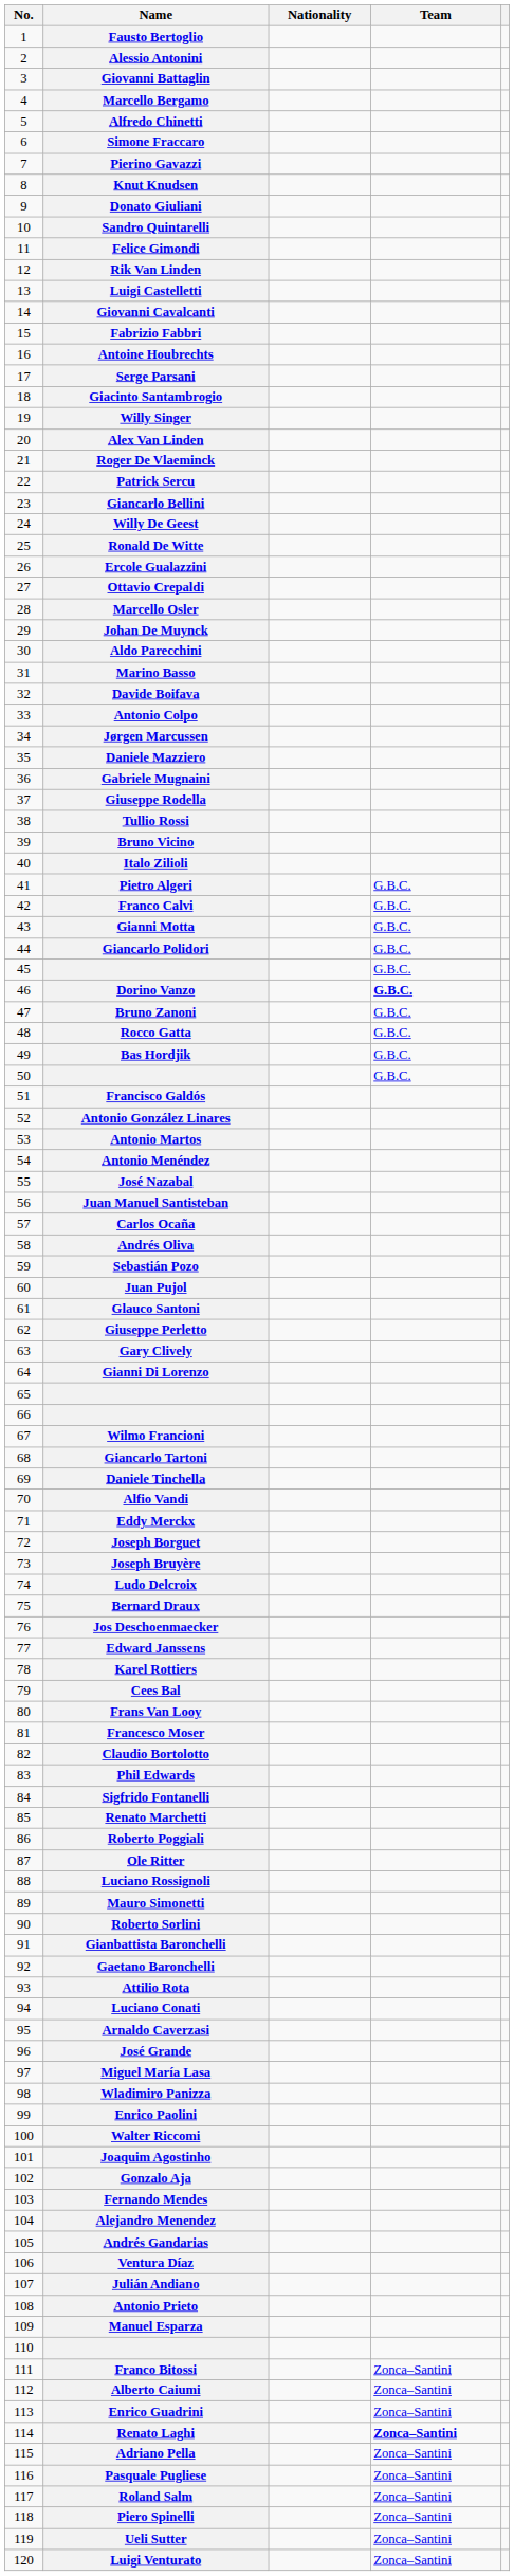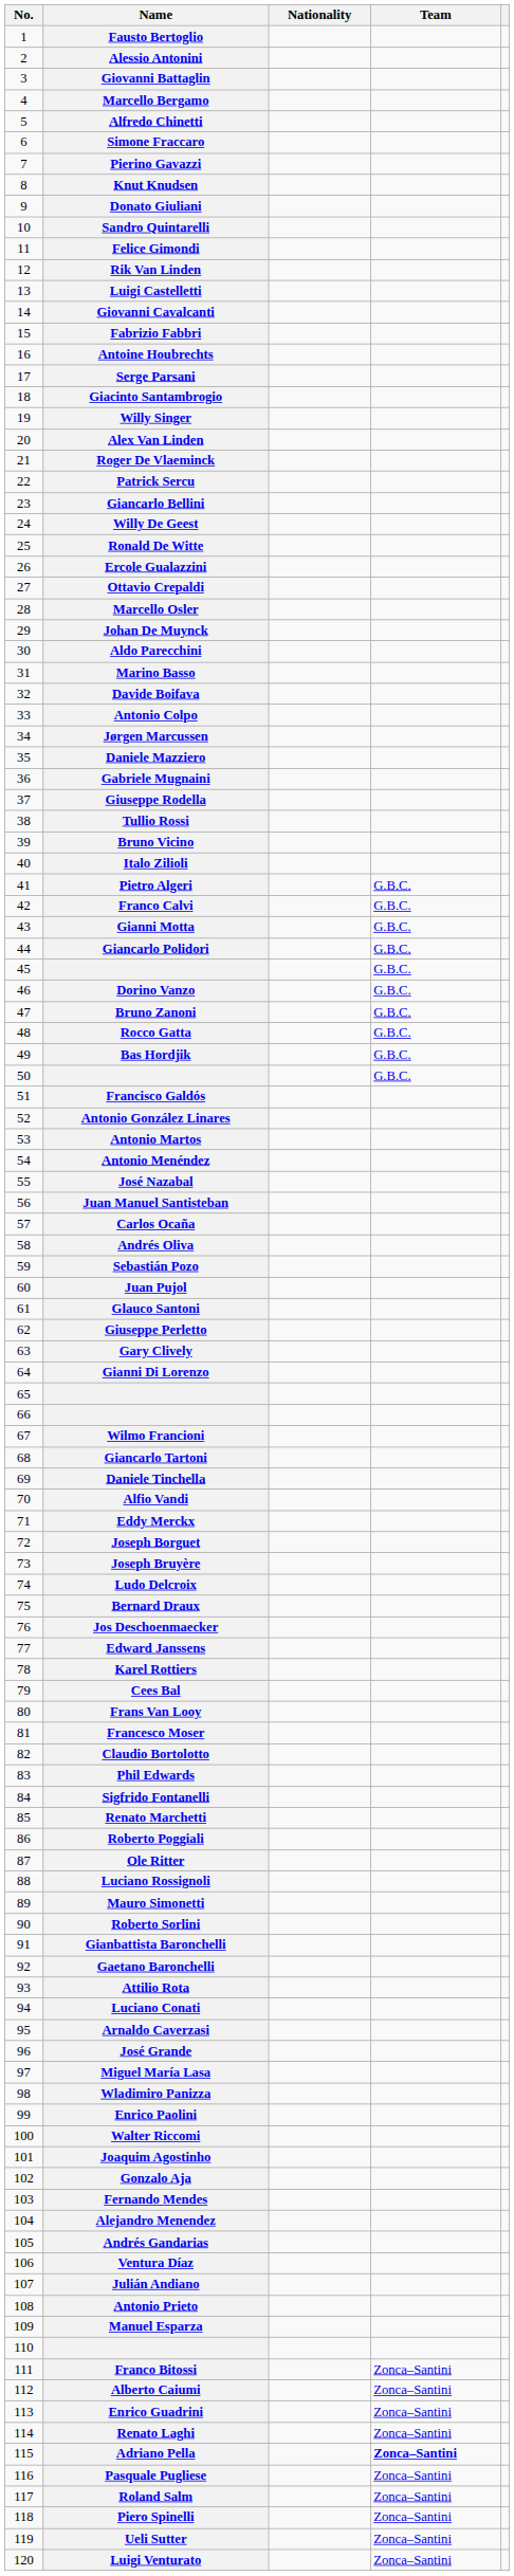 <table class="wikitable plainrowheaders sortable" style="width:97%">
 <tr>
 <th scope="col">No.</th>
 <th scope="col">Name</th>
 <th scope="col">Nationality</th>
 <th scope="col">Team</th>
 <th scope="col" class="unsortable"></th>
 </tr>
 <tr>
 <td style="text-align:center;">1</td>
 <th scope="row"><a href='#'>Fausto Bertoglio</a></th>
 <td></td>
 <td></td>
 <td style="text-align:center;"></td>
 </tr>
 <tr>
 <td style="text-align:center;">2</td>
 <th scope="row"><a href='#'>Alessio Antonini</a></th>
 <td></td>
 <td></td>
 <td style="text-align:center;"></td>
 </tr>
 <tr>
 <td style="text-align:center;">3</td>
 <th scope="row"><a href='#'>Giovanni Battaglin</a></th>
 <td></td>
 <td></td>
 <td style="text-align:center;"></td>
 </tr>
 <tr>
 <td style="text-align:center;">4</td>
 <th scope="row"><a href='#'>Marcello Bergamo</a></th>
 <td></td>
 <td></td>
 <td style="text-align:center;"></td>
 </tr>
 <tr>
 <td style="text-align:center;">5</td>
 <th scope="row"><a href='#'>Alfredo Chinetti</a></th>
 <td></td>
 <td></td>
 <td style="text-align:center;"></td>
 </tr>
 <tr>
 <td style="text-align:center;">6</td>
 <th scope="row"><a href='#'>Simone Fraccaro</a></th>
 <td></td>
 <td></td>
 <td style="text-align:center;"></td>
 </tr>
 <tr>
 <td style="text-align:center;">7</td>
 <th scope="row"><a href='#'>Pierino Gavazzi</a></th>
 <td></td>
 <td></td>
 <td style="text-align:center;"></td>
 </tr>
 <tr>
 <td style="text-align:center;">8</td>
 <th scope="row"><a href='#'>Knut Knudsen</a></th>
 <td></td>
 <td></td>
 <td style="text-align:center;"></td>
 </tr>
 <tr>
 <td style="text-align:center;">9</td>
 <th scope="row"><a href='#'>Donato Giuliani</a></th>
 <td></td>
 <td></td>
 <td style="text-align:center;"></td>
 </tr>
 <tr>
 <td style="text-align:center;">10</td>
 <th scope="row"><a href='#'>Sandro Quintarelli</a></th>
 <td></td>
 <td></td>
 <td style="text-align:center;"></td>
 </tr>
 <tr>
 <td style="text-align:center;">11</td>
 <th scope="row"><a href='#'>Felice Gimondi</a></th>
 <td></td>
 <td></td>
 <td style="text-align:center;"></td>
 </tr>
 <tr>
 <td style="text-align:center;">12</td>
 <th scope="row"><a href='#'>Rik Van Linden</a></th>
 <td></td>
 <td></td>
 <td style="text-align:center;"></td>
 </tr>
 <tr>
 <td style="text-align:center;">13</td>
 <th scope="row"><a href='#'>Luigi Castelletti</a></th>
 <td></td>
 <td></td>
 <td style="text-align:center;"></td>
 </tr>
 <tr>
 <td style="text-align:center;">14</td>
 <th scope="row"><a href='#'>Giovanni Cavalcanti</a></th>
 <td></td>
 <td></td>
 <td style="text-align:center;"></td>
 </tr>
 <tr>
 <td style="text-align:center;">15</td>
 <th scope="row"><a href='#'>Fabrizio Fabbri</a></th>
 <td></td>
 <td></td>
 <td style="text-align:center;"></td>
 </tr>
 <tr>
 <td style="text-align:center;">16</td>
 <th scope="row"><a href='#'>Antoine Houbrechts</a></th>
 <td></td>
 <td></td>
 <td style="text-align:center;"></td>
 </tr>
 <tr>
 <td style="text-align:center;">17</td>
 <th scope="row"><a href='#'>Serge Parsani</a></th>
 <td></td>
 <td></td>
 <td style="text-align:center;"></td>
 </tr>
 <tr>
 <td style="text-align:center;">18</td>
 <th scope="row"><a href='#'>Giacinto Santambrogio</a></th>
 <td></td>
 <td></td>
 <td style="text-align:center;"></td>
 </tr>
 <tr>
 <td style="text-align:center;">19</td>
 <th scope="row"><a href='#'>Willy Singer</a></th>
 <td></td>
 <td></td>
 <td style="text-align:center;"></td>
 </tr>
 <tr>
 <td style="text-align:center;">20</td>
 <th scope="row"><a href='#'>Alex Van Linden</a></th>
 <td></td>
 <td></td>
 <td style="text-align:center;"></td>
 </tr>
 <tr>
 <td style="text-align:center;">21</td>
 <th scope="row"><a href='#'>Roger De Vlaeminck</a></th>
 <td></td>
 <td></td>
 <td style="text-align:center;"></td>
 </tr>
 <tr>
 <td style="text-align:center;">22</td>
 <th scope="row"><a href='#'>Patrick Sercu</a></th>
 <td></td>
 <td></td>
 <td style="text-align:center;"></td>
 </tr>
 <tr>
 <td style="text-align:center;">23</td>
 <th scope="row"><a href='#'>Giancarlo Bellini</a></th>
 <td></td>
 <td></td>
 <td style="text-align:center;"></td>
 </tr>
 <tr>
 <td style="text-align:center;">24</td>
 <th scope="row"><a href='#'>Willy De Geest</a></th>
 <td></td>
 <td></td>
 <td style="text-align:center;"></td>
 </tr>
 <tr>
 <td style="text-align:center;">25</td>
 <th scope="row"><a href='#'>Ronald De Witte</a></th>
 <td></td>
 <td></td>
 <td style="text-align:center;"></td>
 </tr>
 <tr>
 <td style="text-align:center;">26</td>
 <th scope="row"><a href='#'>Ercole Gualazzini</a></th>
 <td></td>
 <td></td>
 <td style="text-align:center;"></td>
 </tr>
 <tr>
 <td style="text-align:center;">27</td>
 <th scope="row"><a href='#'>Ottavio Crepaldi</a></th>
 <td></td>
 <td></td>
 <td style="text-align:center;"></td>
 </tr>
 <tr>
 <td style="text-align:center;">28</td>
 <th scope="row"><a href='#'>Marcello Osler</a></th>
 <td></td>
 <td></td>
 <td style="text-align:center;"></td>
 </tr>
 <tr>
 <td style="text-align:center;">29</td>
 <th scope="row"><a href='#'>Johan De Muynck</a></th>
 <td></td>
 <td></td>
 <td style="text-align:center;"></td>
 </tr>
 <tr>
 <td style="text-align:center;">30</td>
 <th scope="row"><a href='#'>Aldo Parecchini</a></th>
 <td></td>
 <td></td>
 <td style="text-align:center;"></td>
 </tr>
 <tr>
 <td style="text-align:center;">31</td>
 <th scope="row"><a href='#'>Marino Basso</a></th>
 <td></td>
 <td></td>
 <td style="text-align:center;"></td>
 </tr>
 <tr>
 <td style="text-align:center;">32</td>
 <th scope="row"><a href='#'>Davide Boifava</a></th>
 <td></td>
 <td></td>
 <td style="text-align:center;"></td>
 </tr>
 <tr>
 <td style="text-align:center;">33</td>
 <th scope="row"><a href='#'>Antonio Colpo</a></th>
 <td></td>
 <td></td>
 <td style="text-align:center;"></td>
 </tr>
 <tr>
 <td style="text-align:center;">34</td>
 <th scope="row"><a href='#'>Jørgen Marcussen</a></th>
 <td></td>
 <td></td>
 <td style="text-align:center;"></td>
 </tr>
 <tr>
 <td style="text-align:center;">35</td>
 <th scope="row"><a href='#'>Daniele Mazziero</a></th>
 <td></td>
 <td></td>
 <td style="text-align:center;"></td>
 </tr>
 <tr>
 <td style="text-align:center;">36</td>
 <th scope="row"><a href='#'>Gabriele Mugnaini</a></th>
 <td></td>
 <td></td>
 <td style="text-align:center;"></td>
 </tr>
 <tr>
 <td style="text-align:center;">37</td>
 <th scope="row"><a href='#'>Giuseppe Rodella</a></th>
 <td></td>
 <td></td>
 <td style="text-align:center;"></td>
 </tr>
 <tr>
 <td style="text-align:center;">38</td>
 <th scope="row"><a href='#'>Tullio Rossi</a></th>
 <td></td>
 <td></td>
 <td style="text-align:center;"></td>
 </tr>
 <tr>
 <td style="text-align:center;">39</td>
 <th scope="row"><a href='#'>Bruno Vicino</a></th>
 <td></td>
 <td></td>
 <td style="text-align:center;"></td>
 </tr>
 <tr>
 <td style="text-align:center;">40</td>
 <th scope="row"><a href='#'>Italo Zilioli</a></th>
 <td></td>
 <td></td>
 <td style="text-align:center;"></td>
 </tr>
 <tr>
 <td style="text-align:center;">41</td>
 <th scope="row"><a href='#'>Pietro Algeri</a></th>
 <td></td>
 <td><a href='#'>G.B.C.</a></td>
 <td style="text-align:center;"></td>
 </tr>
 <tr>
 <td style="text-align:center;">42</td>
 <th scope="row"><a href='#'>Franco Calvi</a></th>
 <td></td>
 <td><a href='#'>G.B.C.</a></td>
 <td style="text-align:center;"></td>
 </tr>
 <tr>
 <td style="text-align:center;">43</td>
 <th scope="row"><a href='#'>Gianni Motta</a></th>
 <td></td>
 <td><a href='#'>G.B.C.</a></td>
 <td style="text-align:center;"></td>
 </tr>
 <tr>
 <td style="text-align:center;">44</td>
 <th scope="row"><a href='#'>Giancarlo Polidori</a></th>
 <td></td>
 <td><a href='#'>G.B.C.</a></td>
 <td style="text-align:center;"></td>
 </tr>
 <tr>
 <td style="text-align:center;">45</td>
 <th scope="row"></th>
 <td></td>
 <td><a href='#'>G.B.C.</a></td>
 <td style="text-align:center;"></td>
 </tr>
 <tr>
 <td style="text-align:center;">46</td>
 <th scope="row"><a href='#'>Dorino Vanzo</a></th>
 <td></td>
-<td><strong><a href='#'>G.B.C.</a></strong></td>
+<td><a href='#'>G.B.C.</a></td>
 <td style="text-align:center;"></td>
 </tr>
 <tr>
 <td style="text-align:center;">47</td>
 <th scope="row"><a href='#'>Bruno Zanoni</a></th>
 <td></td>
 <td><a href='#'>G.B.C.</a></td>
 <td style="text-align:center;"></td>
 </tr>
 <tr>
 <td style="text-align:center;">48</td>
 <th scope="row"><a href='#'>Rocco Gatta</a></th>
 <td></td>
 <td><a href='#'>G.B.C.</a></td>
 <td style="text-align:center;"></td>
 </tr>
 <tr>
 <td style="text-align:center;">49</td>
 <th scope="row"><a href='#'>Bas Hordjik</a></th>
 <td></td>
 <td><a href='#'>G.B.C.</a></td>
 <td style="text-align:center;"></td>
 </tr>
 <tr>
 <td style="text-align:center;">50</td>
 <th scope="row"></th>
 <td></td>
 <td><a href='#'>G.B.C.</a></td>
 <td style="text-align:center;"></td>
 </tr>
 <tr>
 <td style="text-align:center;">51</td>
 <th scope="row"><a href='#'>Francisco Galdós</a></th>
 <td></td>
 <td></td>
 <td style="text-align:center;"></td>
 </tr>
 <tr>
 <td style="text-align:center;">52</td>
 <th scope="row"><a href='#'>Antonio González Linares</a></th>
 <td></td>
 <td></td>
 <td style="text-align:center;"></td>
 </tr>
 <tr>
 <td style="text-align:center;">53</td>
 <th scope="row"><a href='#'>Antonio Martos</a></th>
 <td></td>
 <td></td>
 <td style="text-align:center;"></td>
 </tr>
 <tr>
 <td style="text-align:center;">54</td>
 <th scope="row"><a href='#'>Antonio Menéndez</a></th>
 <td></td>
 <td></td>
 <td style="text-align:center;"></td>
 </tr>
 <tr>
 <td style="text-align:center;">55</td>
 <th scope="row"><a href='#'>José Nazabal</a></th>
 <td></td>
 <td></td>
 <td style="text-align:center;"></td>
 </tr>
 <tr>
 <td style="text-align:center;">56</td>
 <th scope="row"><a href='#'>Juan Manuel Santisteban</a></th>
 <td></td>
 <td></td>
 <td style="text-align:center;"></td>
 </tr>
 <tr>
 <td style="text-align:center;">57</td>
 <th scope="row"><a href='#'>Carlos Ocaña</a></th>
 <td></td>
 <td></td>
 <td style="text-align:center;"></td>
 </tr>
 <tr>
 <td style="text-align:center;">58</td>
 <th scope="row"><a href='#'>Andrés Oliva</a></th>
 <td></td>
 <td></td>
 <td style="text-align:center;"></td>
 </tr>
 <tr>
 <td style="text-align:center;">59</td>
 <th scope="row"><a href='#'>Sebastián Pozo</a></th>
 <td></td>
 <td></td>
 <td style="text-align:center;"></td>
 </tr>
 <tr>
 <td style="text-align:center;">60</td>
 <th scope="row"><a href='#'>Juan Pujol</a></th>
 <td></td>
 <td></td>
 <td style="text-align:center;"></td>
 </tr>
 <tr>
 <td style="text-align:center;">61</td>
 <th scope="row"><a href='#'>Glauco Santoni</a></th>
 <td></td>
 <td></td>
 <td style="text-align:center;"></td>
 </tr>
 <tr>
 <td style="text-align:center;">62</td>
 <th scope="row"><a href='#'>Giuseppe Perletto</a></th>
 <td></td>
 <td></td>
 <td style="text-align:center;"></td>
 </tr>
 <tr>
 <td style="text-align:center;">63</td>
 <th scope="row"><a href='#'>Gary Clively</a></th>
 <td></td>
 <td></td>
 <td style="text-align:center;"></td>
 </tr>
 <tr>
 <td style="text-align:center;">64</td>
 <th scope="row"><a href='#'>Gianni Di Lorenzo</a></th>
 <td></td>
 <td></td>
 <td style="text-align:center;"></td>
 </tr>
 <tr>
 <td style="text-align:center;">65</td>
 <th scope="row"></th>
 <td></td>
 <td></td>
 <td style="text-align:center;"></td>
 </tr>
 <tr>
 <td style="text-align:center;">66</td>
 <th scope="row"></th>
 <td></td>
 <td></td>
 <td style="text-align:center;"></td>
 </tr>
 <tr>
 <td style="text-align:center;">67</td>
 <th scope="row"><a href='#'>Wilmo Francioni</a></th>
 <td></td>
 <td></td>
 <td style="text-align:center;"></td>
 </tr>
 <tr>
 <td style="text-align:center;">68</td>
 <th scope="row"><a href='#'>Giancarlo Tartoni</a></th>
 <td></td>
 <td></td>
 <td style="text-align:center;"></td>
 </tr>
 <tr>
 <td style="text-align:center;">69</td>
 <th scope="row"><a href='#'>Daniele Tinchella</a></th>
 <td></td>
 <td></td>
 <td style="text-align:center;"></td>
 </tr>
 <tr>
 <td style="text-align:center;">70</td>
 <th scope="row"><a href='#'>Alfio Vandi</a></th>
 <td></td>
 <td></td>
 <td style="text-align:center;"></td>
 </tr>
 <tr>
 <td style="text-align:center;">71</td>
 <th scope="row"><a href='#'>Eddy Merckx</a></th>
 <td></td>
 <td></td>
 <td style="text-align:center;"></td>
 </tr>
 <tr>
 <td style="text-align:center;">72</td>
 <th scope="row"><a href='#'>Joseph Borguet</a></th>
 <td></td>
 <td></td>
 <td style="text-align:center;"></td>
 </tr>
 <tr>
 <td style="text-align:center;">73</td>
 <th scope="row"><a href='#'>Joseph Bruyère</a></th>
 <td></td>
 <td></td>
 <td style="text-align:center;"></td>
 </tr>
 <tr>
 <td style="text-align:center;">74</td>
 <th scope="row"><a href='#'>Ludo Delcroix</a></th>
 <td></td>
 <td></td>
 <td style="text-align:center;"></td>
 </tr>
 <tr>
 <td style="text-align:center;">75</td>
 <th scope="row"><a href='#'>Bernard Draux</a></th>
 <td></td>
 <td></td>
 <td style="text-align:center;"></td>
 </tr>
 <tr>
 <td style="text-align:center;">76</td>
 <th scope="row"><a href='#'>Jos Deschoenmaecker</a></th>
 <td></td>
 <td></td>
 <td style="text-align:center;"></td>
 </tr>
 <tr>
 <td style="text-align:center;">77</td>
 <th scope="row"><a href='#'>Edward Janssens</a></th>
 <td></td>
 <td></td>
 <td style="text-align:center;"></td>
 </tr>
 <tr>
 <td style="text-align:center;">78</td>
 <th scope="row"><a href='#'>Karel Rottiers</a></th>
 <td></td>
 <td></td>
 <td style="text-align:center;"></td>
 </tr>
 <tr>
 <td style="text-align:center;">79</td>
 <th scope="row"><a href='#'>Cees Bal</a></th>
 <td></td>
 <td></td>
 <td style="text-align:center;"></td>
 </tr>
 <tr>
 <td style="text-align:center;">80</td>
 <th scope="row"><a href='#'>Frans Van Looy</a></th>
 <td></td>
 <td></td>
 <td style="text-align:center;"></td>
 </tr>
 <tr>
 <td style="text-align:center;">81</td>
 <th scope="row"><a href='#'>Francesco Moser</a></th>
 <td></td>
 <td></td>
 <td style="text-align:center;"></td>
 </tr>
 <tr>
 <td style="text-align:center;">82</td>
 <th scope="row"><a href='#'>Claudio Bortolotto</a></th>
 <td></td>
 <td></td>
 <td style="text-align:center;"></td>
 </tr>
 <tr>
 <td style="text-align:center;">83</td>
 <th scope="row"><a href='#'>Phil Edwards</a></th>
 <td></td>
 <td></td>
 <td style="text-align:center;"></td>
 </tr>
 <tr>
 <td style="text-align:center;">84</td>
 <th scope="row"><a href='#'>Sigfrido Fontanelli</a></th>
 <td></td>
 <td></td>
 <td style="text-align:center;"></td>
 </tr>
 <tr>
 <td style="text-align:center;">85</td>
 <th scope="row"><a href='#'>Renato Marchetti</a></th>
 <td></td>
 <td></td>
 <td style="text-align:center;"></td>
 </tr>
 <tr>
 <td style="text-align:center;">86</td>
 <th scope="row"><a href='#'>Roberto Poggiali</a></th>
 <td></td>
 <td></td>
 <td style="text-align:center;"></td>
 </tr>
 <tr>
 <td style="text-align:center;">87</td>
 <th scope="row"><a href='#'>Ole Ritter</a></th>
 <td></td>
 <td></td>
 <td style="text-align:center;"></td>
 </tr>
 <tr>
 <td style="text-align:center;">88</td>
 <th scope="row"><a href='#'>Luciano Rossignoli</a></th>
 <td></td>
 <td></td>
 <td style="text-align:center;"></td>
 </tr>
 <tr>
 <td style="text-align:center;">89</td>
 <th scope="row"><a href='#'>Mauro Simonetti</a></th>
 <td></td>
 <td></td>
 <td style="text-align:center;"></td>
 </tr>
 <tr>
 <td style="text-align:center;">90</td>
 <th scope="row"><a href='#'>Roberto Sorlini</a></th>
 <td></td>
 <td></td>
 <td style="text-align:center;"></td>
 </tr>
 <tr>
 <td style="text-align:center;">91</td>
 <th scope="row"><a href='#'>Gianbattista Baronchelli</a></th>
 <td></td>
 <td></td>
 <td style="text-align:center;"></td>
 </tr>
 <tr>
 <td style="text-align:center;">92</td>
 <th scope="row"><a href='#'>Gaetano Baronchelli</a></th>
 <td></td>
 <td></td>
 <td style="text-align:center;"></td>
 </tr>
 <tr>
 <td style="text-align:center;">93</td>
 <th scope="row"><a href='#'>Attilio Rota</a></th>
 <td></td>
 <td></td>
 <td style="text-align:center;"></td>
 </tr>
 <tr>
 <td style="text-align:center;">94</td>
 <th scope="row"><a href='#'>Luciano Conati</a></th>
 <td></td>
 <td></td>
 <td style="text-align:center;"></td>
 </tr>
 <tr>
 <td style="text-align:center;">95</td>
 <th scope="row"><a href='#'>Arnaldo Caverzasi</a></th>
 <td></td>
 <td></td>
 <td style="text-align:center;"></td>
 </tr>
 <tr>
 <td style="text-align:center;">96</td>
 <th scope="row"><a href='#'>José Grande</a></th>
 <td></td>
 <td></td>
 <td style="text-align:center;"></td>
 </tr>
 <tr>
 <td style="text-align:center;">97</td>
 <th scope="row"><a href='#'>Miguel María Lasa</a></th>
 <td></td>
 <td></td>
 <td style="text-align:center;"></td>
 </tr>
 <tr>
 <td style="text-align:center;">98</td>
 <th scope="row"><a href='#'>Wladimiro Panizza</a></th>
 <td></td>
 <td></td>
 <td style="text-align:center;"></td>
 </tr>
 <tr>
 <td style="text-align:center;">99</td>
 <th scope="row"><a href='#'>Enrico Paolini</a></th>
 <td></td>
 <td></td>
 <td style="text-align:center;"></td>
 </tr>
 <tr>
 <td style="text-align:center;">100</td>
 <th scope="row"><a href='#'>Walter Riccomi</a></th>
 <td></td>
 <td></td>
 <td style="text-align:center;"></td>
 </tr>
 <tr>
 <td style="text-align:center;">101</td>
 <th scope="row"><a href='#'>Joaquim Agostinho</a></th>
 <td></td>
 <td></td>
 <td style="text-align:center;"></td>
 </tr>
 <tr>
 <td style="text-align:center;">102</td>
 <th scope="row"><a href='#'>Gonzalo Aja</a></th>
 <td></td>
 <td></td>
 <td style="text-align:center;"></td>
 </tr>
 <tr>
 <td style="text-align:center;">103</td>
 <th scope="row"><a href='#'>Fernando Mendes</a></th>
 <td></td>
 <td></td>
 <td style="text-align:center;"></td>
 </tr>
 <tr>
 <td style="text-align:center;">104</td>
 <th scope="row"><a href='#'>Alejandro Menendez</a></th>
 <td></td>
 <td></td>
 <td style="text-align:center;"></td>
 </tr>
 <tr>
 <td style="text-align:center;">105</td>
 <th scope="row"><a href='#'>Andrés Gandarias</a></th>
 <td></td>
 <td></td>
 <td style="text-align:center;"></td>
 </tr>
 <tr>
 <td style="text-align:center;">106</td>
 <th scope="row"><a href='#'>Ventura Díaz</a></th>
 <td></td>
 <td></td>
 <td style="text-align:center;"></td>
 </tr>
 <tr>
 <td style="text-align:center;">107</td>
 <th scope="row"><a href='#'>Julián Andiano</a></th>
 <td></td>
 <td></td>
 <td style="text-align:center;"></td>
 </tr>
 <tr>
 <td style="text-align:center;">108</td>
 <th scope="row"><a href='#'>Antonio Prieto</a></th>
 <td></td>
 <td></td>
 <td style="text-align:center;"></td>
 </tr>
 <tr>
 <td style="text-align:center;">109</td>
 <th scope="row"><a href='#'>Manuel Esparza</a></th>
 <td></td>
 <td></td>
 <td style="text-align:center;"></td>
 </tr>
 <tr>
 <td style="text-align:center;">110</td>
 <th scope="row"></th>
 <td></td>
 <td></td>
 <td style="text-align:center;"></td>
 </tr>
 <tr>
 <td style="text-align:center;">111</td>
 <th scope="row"><a href='#'>Franco Bitossi</a></th>
 <td></td>
 <td><a href='#'>Zonca–Santini</a></td>
 <td style="text-align:center;"></td>
 </tr>
 <tr>
 <td style="text-align:center;">112</td>
 <th scope="row"><a href='#'>Alberto Caiumi</a></th>
 <td></td>
 <td><a href='#'>Zonca–Santini</a></td>
 <td style="text-align:center;"></td>
 </tr>
 <tr>
 <td style="text-align:center;">113</td>
 <th scope="row"><a href='#'>Enrico Guadrini</a></th>
 <td></td>
 <td><a href='#'>Zonca–Santini</a></td>
 <td style="text-align:center;"></td>
 </tr>
 <tr>
 <td style="text-align:center;">114</td>
 <th scope="row"><a href='#'>Renato Laghi</a></th>
 <td></td>
-<td><strong><a href='#'>Zonca–Santini</a></strong></td>
+<td><a href='#'>Zonca–Santini</a></td>
 <td style="text-align:center;"></td>
 </tr>
 <tr>
 <td style="text-align:center;">115</td>
 <th scope="row"><a href='#'>Adriano Pella</a></th>
 <td></td>
-<td><a href='#'>Zonca–Santini</a></td>
+<td><strong><a href='#'>Zonca–Santini</a></strong></td>
 <td style="text-align:center;"></td>
 </tr>
 <tr>
 <td style="text-align:center;">116</td>
 <th scope="row"><a href='#'>Pasquale Pugliese</a></th>
 <td></td>
 <td><a href='#'>Zonca–Santini</a></td>
 <td style="text-align:center;"></td>
 </tr>
 <tr>
 <td style="text-align:center;">117</td>
 <th scope="row"><a href='#'>Roland Salm</a></th>
 <td></td>
 <td><a href='#'>Zonca–Santini</a></td>
 <td style="text-align:center;"></td>
 </tr>
 <tr>
 <td style="text-align:center;">118</td>
 <th scope="row"><a href='#'>Piero Spinelli</a></th>
 <td></td>
 <td><a href='#'>Zonca–Santini</a></td>
 <td style="text-align:center;"></td>
 </tr>
 <tr>
 <td style="text-align:center;">119</td>
 <th scope="row"><a href='#'>Ueli Sutter</a></th>
 <td></td>
 <td><a href='#'>Zonca–Santini</a></td>
 <td style="text-align:center;"></td>
 </tr>
 <tr>
 <td style="text-align:center;">120</td>
 <th scope="row"><a href='#'>Luigi Venturato</a></th>
 <td></td>
 <td><a href='#'>Zonca–Santini</a></td>
 <td style="text-align:center;"></td>
 </tr>
 </table>
